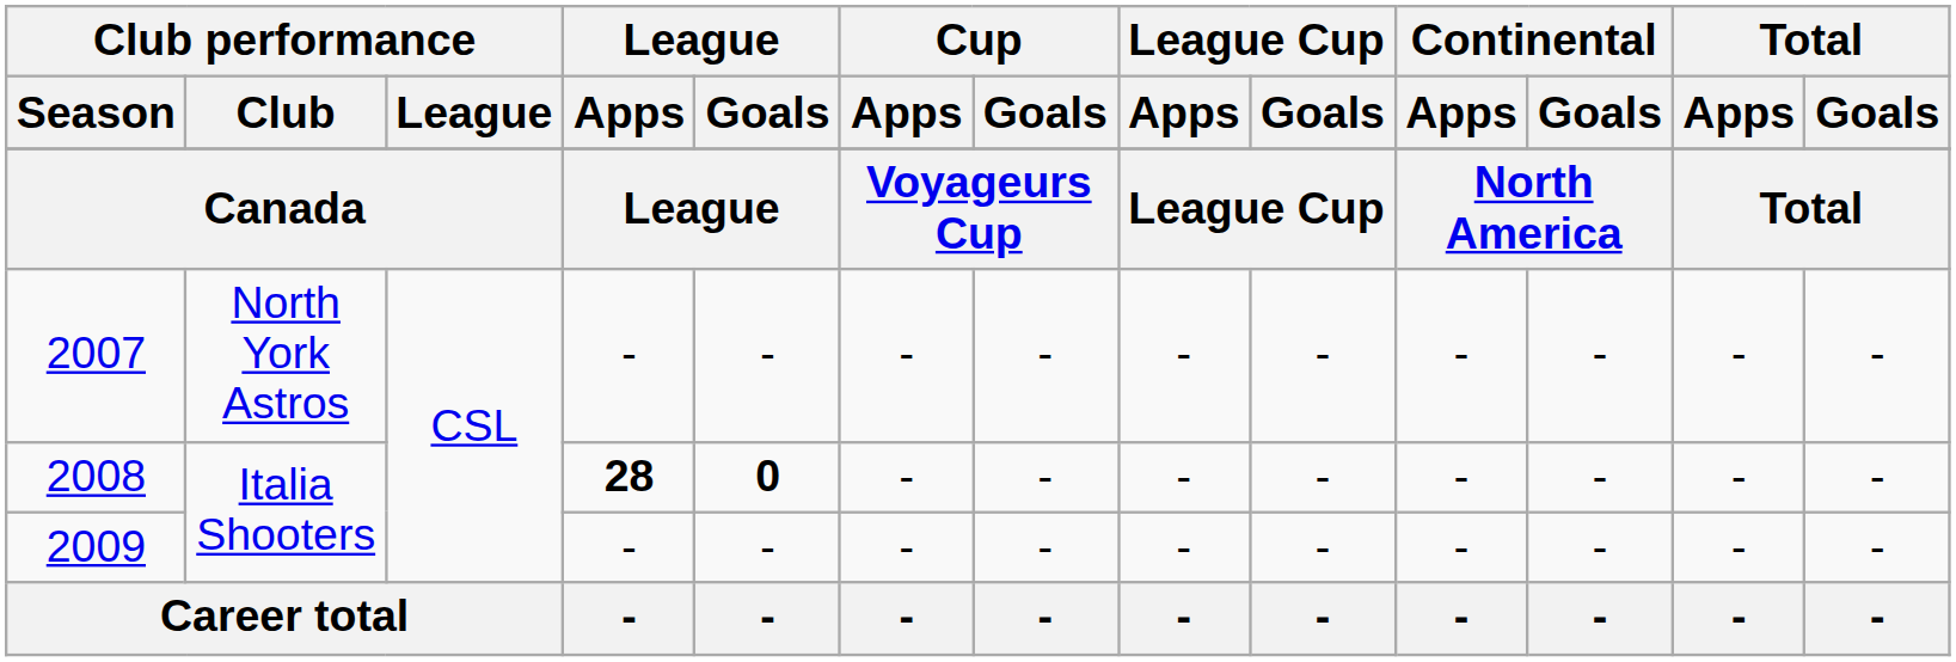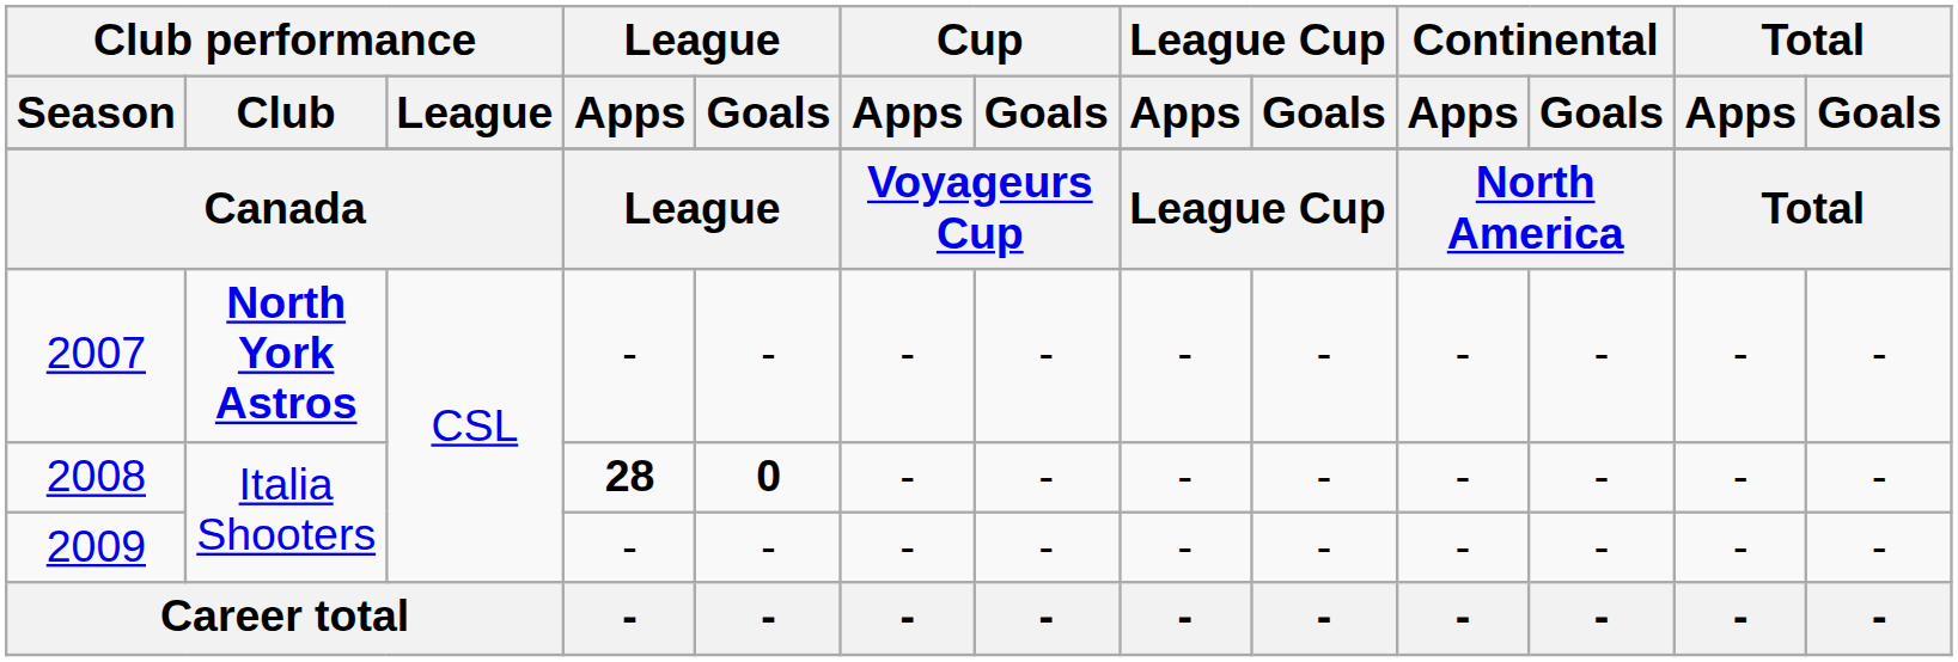 <table class="wikitable" style="text-align:center">
 <tr>
 <th colspan=3>Club performance</th>
 <th colspan=2>League</th>
 <th colspan=2>Cup</th>
 <th colspan=2>League Cup</th>
 <th colspan=2>Continental</th>
 <th colspan=2>Total</th>
 </tr>
 <tr>
 <th>Season</th>
 <th>Club</th>
 <th>League</th>
 <th>Apps</th>
 <th>Goals</th>
 <th>Apps</th>
 <th>Goals</th>
 <th>Apps</th>
 <th>Goals</th>
 <th>Apps</th>
 <th>Goals</th>
 <th>Apps</th>
 <th>Goals</th>
 </tr>
 <tr>
 </tr>
 <tr>
 <th colspan=3>Canada</th>
 <th colspan=2>League</th>
 <th colspan=2><a href='#'>Voyageurs Cup</a></th>
 <th colspan=2>League Cup</th>
 <th colspan=2><a href='#'>North America</a></th>
 <th colspan=2>Total</th>
 </tr>
 <tr>
 <td><a href='#'>2007</a></td>
-<td><a href='#'>North York Astros</a></td>
+<td><strong><a href='#'>North York Astros</a></strong></td>
 <td rowspan="3"><a href='#'>CSL</a></td>
 <td>-</td>
 <td>-</td>
 <td>-</td>
 <td>-</td>
 <td>-</td>
 <td>-</td>
 <td>-</td>
 <td>-</td>
 <td>-</td>
 <td>-</td>
 </tr>
 <tr>
 <td><a href='#'>2008</a></td>
 <td rowspan="2"><a href='#'>Italia Shooters</a></td>
 <td><strong>28</strong></td>
 <td><strong>0</strong></td>
 <td>-</td>
 <td>-</td>
 <td>-</td>
 <td>-</td>
 <td>-</td>
 <td>-</td>
 <td>-</td>
 <td>-</td>
 </tr>
 <tr>
 <td><a href='#'>2009</a></td>
 <td>-</td>
 <td>-</td>
 <td>-</td>
 <td>-</td>
 <td>-</td>
 <td>-</td>
 <td>-</td>
 <td>-</td>
 <td>-</td>
 <td>-</td>
 </tr>
 <tr>
 <th colspan=3>Career total</th>
 <th>-</th>
 <th>-</th>
 <th>-</th>
 <th>-</th>
 <th>-</th>
 <th>-</th>
 <th>-</th>
 <th>-</th>
 <th>-</th>
 <th>-</th>
 </tr>
 </table>
